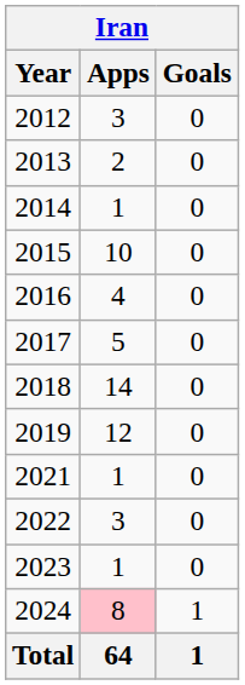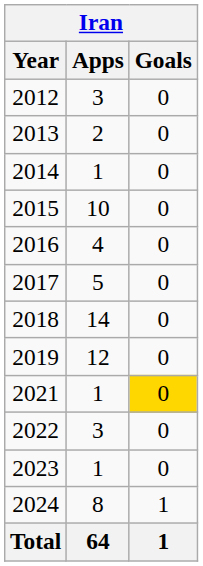 <table class="wikitable" style="text-align:center">
 <tr>
 <th colspan=3><a href='#'>Iran</a></th>
 </tr>
 <tr>
 <th>Year</th>
 <th>Apps</th>
 <th>Goals</th>
 </tr>
 <tr>
 <td>2012</td>
 <td>3</td>
 <td>0</td>
 </tr>
 <tr>
 <td>2013</td>
 <td>2</td>
 <td>0</td>
 </tr>
 <tr>
 <td>2014</td>
 <td>1</td>
 <td>0</td>
 </tr>
 <tr>
 <td>2015</td>
 <td>10</td>
 <td>0</td>
 </tr>
 <tr>
 <td>2016</td>
 <td>4</td>
 <td>0</td>
 </tr>
 <tr>
 <td>2017</td>
 <td>5</td>
 <td>0</td>
 </tr>
 <tr>
 <td>2018</td>
 <td>14</td>
 <td>0</td>
 </tr>
 <tr>
 <td>2019</td>
 <td>12</td>
 <td>0</td>
 </tr>
 <tr>
 <td>2021</td>
 <td>1</td>
-<td>0</td>
+<td style="background: gold;">0</td>
 </tr>
 <tr>
 <td>2022</td>
 <td>3</td>
 <td>0</td>
 </tr>
 <tr>
 <td>2023</td>
 <td>1</td>
 <td>0</td>
 </tr>
 <tr>
 <td>2024</td>
-<td style="background: pink;">8</td>
+<td>8</td>
 <td>1</td>
 </tr>
 <tr>
 <th>Total</th>
 <th>64</th>
 <th>1</th>
 </tr>
 </table>
